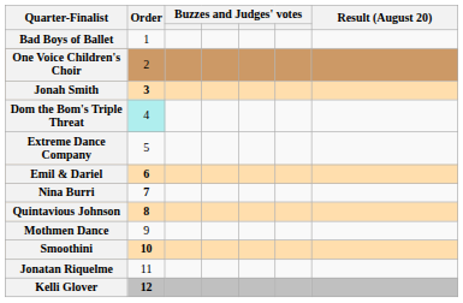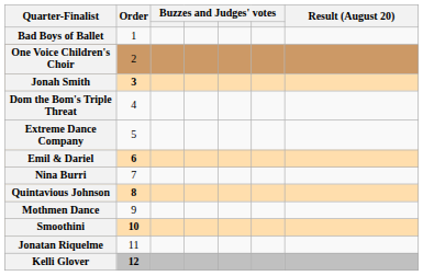 <table class="wikitable plainrowheaders sortable" style="text-align:center;">
 <tr>
 <th scope="col" rowspan="2" class="unsortable" style="width:17em;">Quarter-Finalist</th>
 <th scope="col" rowspan="2" style="width:1em;">Order</th>
 <th scope="col" colspan="4" class="unsortable" style="width:24em;">Buzzes and Judges' votes</th>
 <th scope="col" rowspan="2" style="width:25em;">Result (August 20)</th>
 </tr>
 <tr>
 <th scope="col" class="unsortable" style="width:6em;"></th>
 <th scope="col" class="unsortable" style="width:6em;"></th>
 <th scope="col" class="unsortable" style="width:6em;"></th>
 <th scope="col" class="unsortable" style="width:6em;"></th>
 </tr>
 <tr>
 <th scope="row">Bad Boys of Ballet </th>
 <td>1</td>
 <td style="text-align:center;"></td>
 <td style="text-align:center;"></td>
 <td style="text-align:center;"></td>
 <td style="text-align:center;"></td>
 <td></td>
 </tr>
 <tr style="background:#c96">
 <th scope="row">One Voice Children's Choir</th>
 <td>2</td>
 <td style="text-align:center;"></td>
 <td style="text-align:center;"></td>
 <td style="text-align:center;"></td>
 <td style="text-align:center;"></td>
 <td></td>
 </tr>
 <tr style="background:NavajoWhite">
 <th scope="row"><strong>Jonah Smith</strong></th>
 <td><strong>3</strong></td>
 <td style="text-align:center;"></td>
 <td style="text-align:center;"></td>
 <td style="text-align:center;"></td>
 <td style="text-align:center;"></td>
 <td><strong></strong></td>
 </tr>
 <tr>
 <th scope="row">Dom the Bom's Triple Threat</th>
-<td style="background: paleturquoise;">4</td>
+<td>4</td>
 <td style="text-align:center;"></td>
 <td style="text-align:center;"></td>
 <td></td>
 <td style="text-align:center;"></td>
 <td></td>
 </tr>
 <tr>
 <th scope="row">Extreme Dance Company</th>
 <td>5</td>
 <td style="text-align:center;"></td>
 <td style="text-align:center;"></td>
 <td style="text-align:center;"></td>
 <td style="text-align:center;"></td>
 <td></td>
 </tr>
 <tr style="background:NavajoWhite">
 <th scope="row"><strong>Emil & Dariel</strong></th>
 <td><strong>6</strong></td>
 <td style="text-align:center;"></td>
 <td style="text-align:center;"></td>
 <td style="text-align:center;"></td>
 <td style="text-align:center;"></td>
 <td><strong></strong></td>
 </tr>
 <tr>
 <th scope="row">Nina Burri</th>
-<td><strong>7</strong></td>
+<td>7</td>
 <td style="text-align:center;"></td>
 <td style="text-align:center;"></td>
 <td style="text-align:center;"></td>
 <td style="text-align:center;"></td>
 <td></td>
 </tr>
 <tr style="background:NavajoWhite">
 <th scope="row"><strong>Quintavious Johnson</strong></th>
 <td><strong>8</strong></td>
 <td style="text-align:center;"></td>
 <td style="text-align:center;"></td>
 <td style="text-align:center;"></td>
 <td style="text-align:center;"></td>
 <td><strong></strong></td>
 </tr>
 <tr>
 <th scope="row">Mothmen Dance</th>
 <td>9</td>
 <td style="text-align:center;"></td>
 <td style="text-align:center;"></td>
 <td style="text-align:center;"></td>
 <td style="text-align:center;"></td>
 <td></td>
 </tr>
 <tr style="background:NavajoWhite">
 <th scope="row"><strong>Smoothini</strong></th>
 <td><strong>10</strong></td>
 <td style="text-align:center;"></td>
 <td style="text-align:center;"></td>
 <td style="text-align:center;"></td>
 <td style="text-align:center;"></td>
 <td><strong></strong></td>
 </tr>
 <tr>
 <th scope="row">Jonatan Riquelme</th>
 <td>11</td>
 <td style="text-align:center;"></td>
 <td style="text-align:center;"></td>
 <td style="text-align:center;"></td>
 <td style="text-align:center;"></td>
 <td></td>
 </tr>
 <tr style="background:silver">
 <th scope="row"><strong>Kelli Glover</strong></th>
 <td><strong>12</strong></td>
 <td style="text-align:center;"></td>
 <td style="text-align:center;"></td>
 <td style="text-align:center;"></td>
 <td style="text-align:center;"></td>
 <td><strong></strong></td>
 </tr>
 </table>
